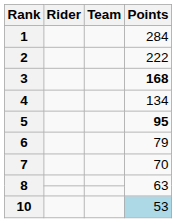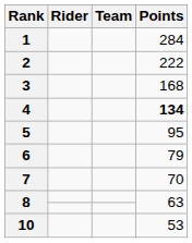 <table class="wikitable">
 <tr>
 <th scope="col">Rank</th>
 <th scope="col">Rider</th>
 <th scope="col">Team</th>
 <th scope="col">Points</th>
 </tr>
 <tr>
 <th scope="row">1</th>
 <td> </td>
 <td></td>
 <td style="text-align:right;">284</td>
 </tr>
 <tr>
 <th scope="row">2</th>
 <td> </td>
 <td></td>
 <td style="text-align:right;">222</td>
 </tr>
 <tr>
 <th scope="row">3</th>
 <td></td>
 <td></td>
-<td style="text-align:right;"><strong>168</strong></td>
+<td style="text-align:right;">168</td>
 </tr>
 <tr>
 <th scope="row">4</th>
 <td></td>
 <td></td>
-<td style="text-align:right;">134</td>
+<td style="text-align:right;"><strong>134</strong></td>
 </tr>
 <tr>
 <th scope="row">5</th>
 <td></td>
 <td></td>
-<td style="text-align:right;"><strong>95</strong></td>
+<td style="text-align:right;">95</td>
 </tr>
 <tr>
 <th scope="row">6</th>
 <td></td>
 <td></td>
 <td style="text-align:right;">79</td>
 </tr>
 <tr>
 <th scope="row">7</th>
 <td> </td>
 <td></td>
 <td style="text-align:right;">70</td>
 </tr>
 <tr>
 <th scope="row" rowspan="2">8</th>
 <td></td>
 <td></td>
 <td style="text-align:right;" rowspan="2">63</td>
 </tr>
 <tr>
 <td></td>
 <td></td>
 </tr>
 <tr>
 <th scope="row">10</th>
 <td></td>
 <td></td>
-<td style="background: lightblue; text-align:right;">53</td>
+<td style="text-align:right;">53</td>
 </tr>
 </table>
